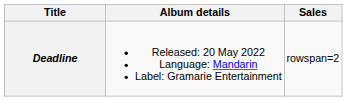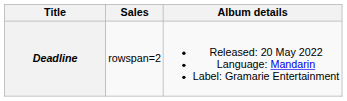 <table class="wikitable plainrowheaders" style="text-align:center;">
 <tr>
 <th scope="col" style="width:9em;">Title</th>
+<th>Sales</th>
 <th scope="col">Album details</th>
-<th>Sales</th>
 </tr>
 <tr>
 <th scope="row"><em>Deadline</em></th>
+<td>rowspan=2 </td>
 <td><br><ul><li>Released: 20 May 2022</li><li>Language: <a href='#'>Mandarin</a></li><li>Label: Gramarie Entertainment</li></ul></td>
-<td>rowspan=2 </td>
 </tr>
 </table>
